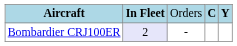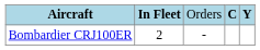 <table class="toccolours" border="1" cellpadding="3" style="margin:1em auto; border-collapse:collapse">
 <tr bgcolor=lightblue>
 <th>Aircraft</th>
 <th>In Fleet</th>
 <td>Orders</td>
 <th>C</th>
 <th>Y</th>
 </tr>
 <tr>
 <td><a href='#'>Bombardier CRJ100ER</a></td>
-<td align="center" style="background: lavender;">2</td>
+<td align="center">2</td>
 <td align="center">-</td>
 <td align="center"></td>
 <td align="center"></td>
 </tr>
 </table>
